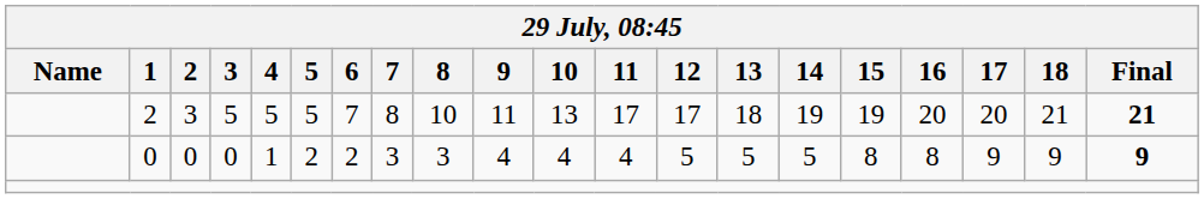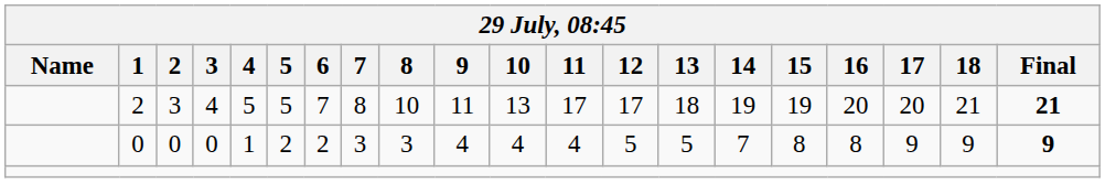 <table class=wikitable style="text-align:center; width: 55%">
 <tr>
 <th colspan=20><em>29 July, 08:45</em></th>
 </tr>
 <tr>
 <th>Name</th>
 <th>1</th>
 <th>2</th>
 <th>3</th>
 <th>4</th>
 <th>5</th>
 <th>6</th>
 <th>7</th>
 <th>8</th>
 <th>9</th>
 <th>10</th>
 <th>11</th>
 <th>12</th>
 <th>13</th>
 <th>14</th>
 <th>15</th>
 <th>16</th>
 <th>17</th>
 <th>18</th>
 <th>Final</th>
 </tr>
 <tr>
 <td align=left><strong></strong></td>
 <td>2</td>
 <td>3</td>
-<td>5</td>
+<td>4</td>
 <td>5</td>
 <td>5</td>
 <td>7</td>
 <td>8</td>
 <td>10</td>
 <td>11</td>
 <td>13</td>
 <td>17</td>
 <td>17</td>
 <td>18</td>
 <td>19</td>
 <td>19</td>
 <td>20</td>
 <td>20</td>
 <td>21</td>
 <td><strong>21</strong></td>
 </tr>
 <tr>
 <td align=left></td>
 <td>0</td>
 <td>0</td>
 <td>0</td>
 <td>1</td>
 <td>2</td>
 <td>2</td>
 <td>3</td>
 <td>3</td>
 <td>4</td>
 <td>4</td>
 <td>4</td>
 <td>5</td>
 <td>5</td>
-<td>5</td>
+<td>7</td>
 <td>8</td>
 <td>8</td>
 <td>9</td>
 <td>9</td>
 <td><strong>9</strong></td>
 </tr>
 <tr>
 <td colspan=20></td>
 </tr>
 </table>
